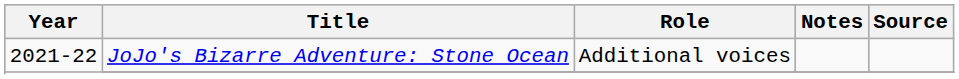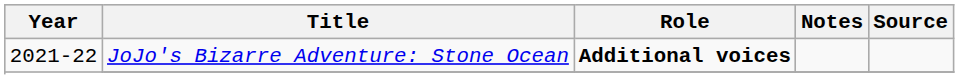 <table class="wikitable sortable plainrowheaders">
 <tr>
 <th>Year</th>
 <th>Title</th>
 <th>Role</th>
 <th>Notes</th>
 <th>Source</th>
 </tr>
 <tr>
 <td rowspan="2">2021-22</td>
 <td><em><a href='#'>JoJo's Bizarre Adventure: Stone Ocean</a></em></td>
-<td>Additional voices</td>
+<td><strong>Additional voices</strong></td>
 <td></td>
 <td></td>
 </tr>
 <tr>
 </tr>
 </table>
